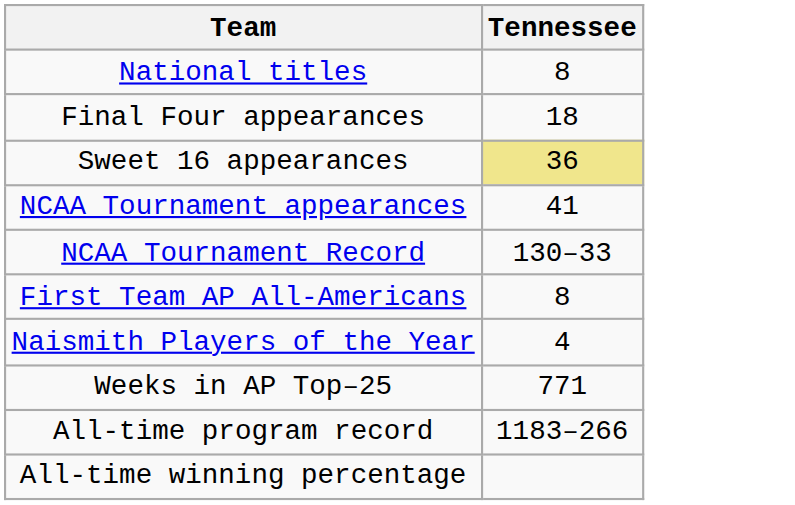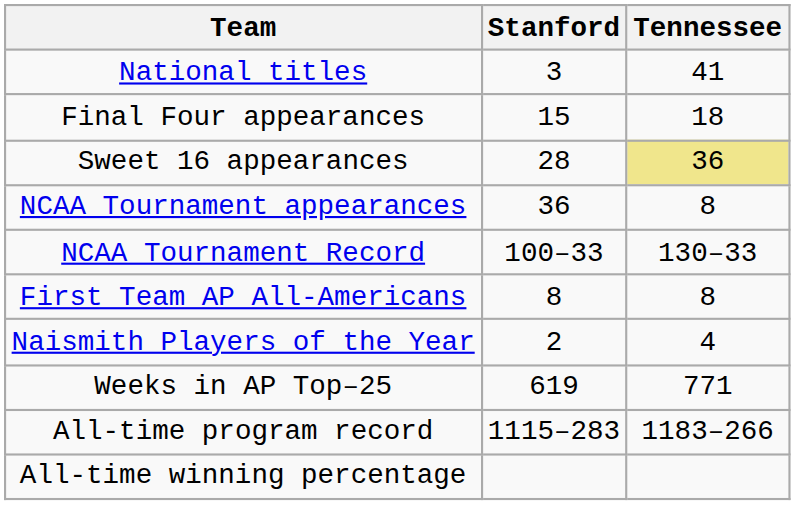 <table class="wikitable" style="text-align:center;">
 <tr>
 <th>Team</th>
+<th>Stanford</th>
 <th>Tennessee</th>
 </tr>
 <tr>
 <td><a href='#'>National titles</a></td>
-<td>8</td>
+<td>3</td>
+<td>41</td>
 </tr>
 <tr>
 <td>Final Four appearances</td>
+<td>15</td>
 <td>18</td>
 </tr>
 <tr>
 <td>Sweet 16 appearances</td>
+<td>28</td>
 <td style="background: khaki;">36</td>
 </tr>
 <tr>
 <td><a href='#'>NCAA Tournament appearances</a></td>
-<td>41</td>
+<td>36</td>
+<td>8</td>
 </tr>
 <tr>
 <td><a href='#'>NCAA Tournament Record</a></td>
+<td>100–33</td>
 <td>130–33</td>
 </tr>
 <tr>
 <td><a href='#'>First Team AP All-Americans</a></td>
 <td>8</td>
+<td>8</td>
 </tr>
 <tr>
 <td><a href='#'>Naismith Players of the Year</a></td>
+<td>2</td>
 <td>4</td>
 </tr>
 <tr>
 <td>Weeks in AP Top–25</td>
+<td>619</td>
 <td>771</td>
 </tr>
 <tr>
 <td>All-time program record</td>
+<td>1115–283</td>
 <td>1183–266</td>
 </tr>
 <tr>
 <td>All-time winning percentage</td>
 <td></td>
+<td></td>
 </tr>
 </table>
